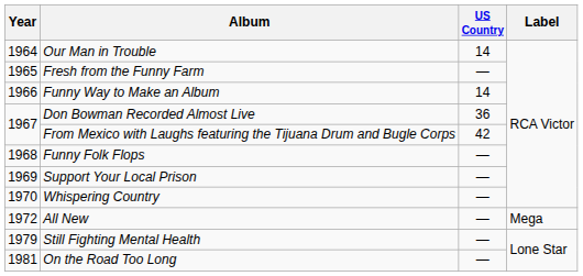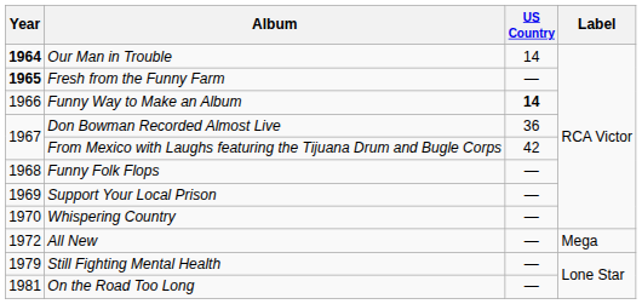 <table class="wikitable">
 <tr>
 <th>Year</th>
 <th>Album</th>
 <th style="width:45px;"><small><a href='#'>US Country</a></small></th>
 <th>Label</th>
 </tr>
 <tr>
-<td>1964</td>
+<td><strong>1964</strong></td>
 <td><em>Our Man in Trouble</em></td>
 <td style="text-align:center;">14</td>
 <td rowspan="8">RCA Victor</td>
 </tr>
 <tr>
-<td>1965</td>
+<td><strong>1965</strong></td>
 <td><em>Fresh from the Funny Farm</em></td>
 <td style="text-align:center;">—</td>
 </tr>
 <tr>
 <td>1966</td>
 <td><em>Funny Way to Make an Album</em></td>
-<td style="text-align:center;">14</td>
+<td style="text-align:center;"><strong>14</strong></td>
 </tr>
 <tr>
 <td rowspan="2">1967</td>
 <td><em>Don Bowman Recorded Almost Live</em></td>
 <td style="text-align:center;">36</td>
 </tr>
 <tr>
 <td><em>From Mexico with Laughs featuring the Tijuana Drum and Bugle Corps</em></td>
 <td style="text-align:center;">42</td>
 </tr>
 <tr>
 <td>1968</td>
 <td><em>Funny Folk Flops</em></td>
 <td style="text-align:center;">—</td>
 </tr>
 <tr>
 <td>1969</td>
 <td><em>Support Your Local Prison</em></td>
 <td style="text-align:center;">—</td>
 </tr>
 <tr>
 <td>1970</td>
 <td><em>Whispering Country</em></td>
 <td style="text-align:center;">—</td>
 </tr>
 <tr>
 <td>1972</td>
 <td><em>All New</em></td>
 <td style="text-align:center;">—</td>
 <td>Mega</td>
 </tr>
 <tr>
 <td>1979</td>
 <td><em>Still Fighting Mental Health</em></td>
 <td style="text-align:center;">—</td>
 <td rowspan="2">Lone Star</td>
 </tr>
 <tr>
 <td>1981</td>
 <td><em>On the Road Too Long</em></td>
 <td style="text-align:center;">—</td>
 </tr>
 </table>
